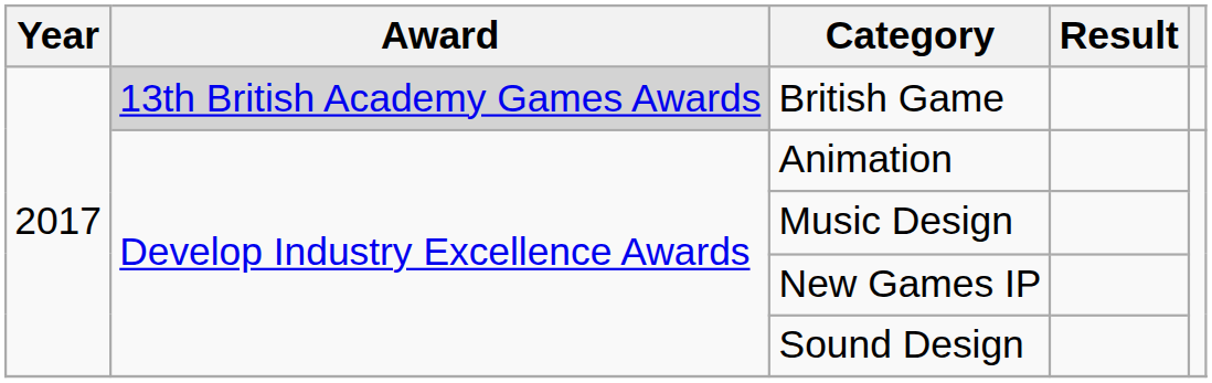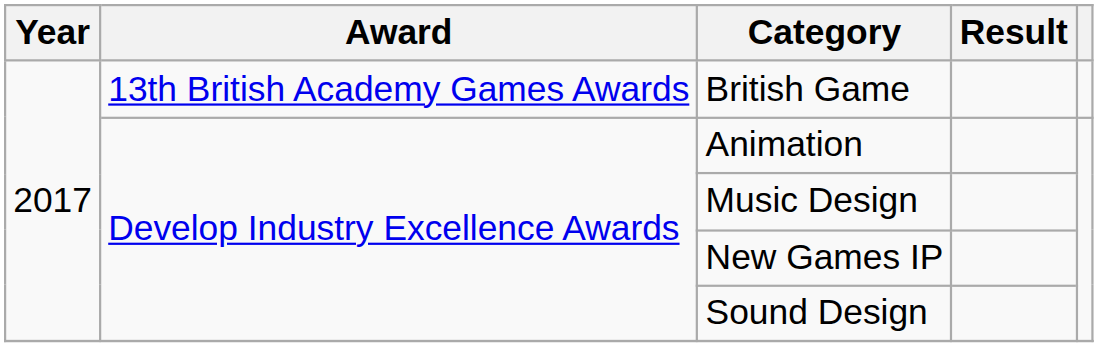 <table class="wikitable sortable">
 <tr>
 <th>Year</th>
 <th>Award</th>
 <th>Category</th>
 <th>Result</th>
 <th></th>
 </tr>
 <tr>
 <td rowspan="5" style="text-align:center;">2017</td>
-<td style="background: lightgrey;"><a href='#'>13th British Academy Games Awards</a></td>
+<td><a href='#'>13th British Academy Games Awards</a></td>
 <td>British Game</td>
 <td></td>
 <td></td>
 </tr>
 <tr>
 <td rowspan="4"><a href='#'>Develop Industry Excellence Awards</a></td>
 <td>Animation</td>
 <td></td>
 <td rowspan="4"></td>
 </tr>
 <tr>
 <td>Music Design</td>
 <td></td>
 </tr>
 <tr>
 <td>New Games IP</td>
 <td></td>
 </tr>
 <tr>
 <td>Sound Design</td>
 <td></td>
 </tr>
 <tr>
 </tr>
 </table>
